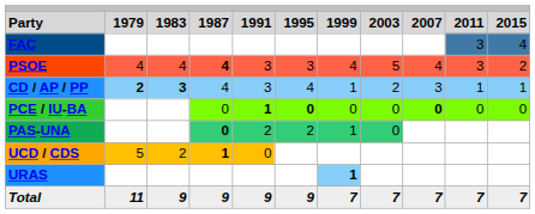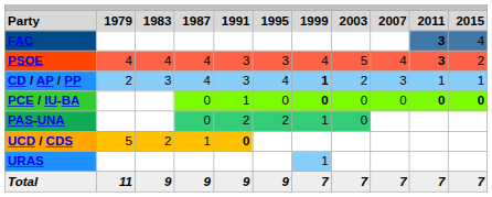 <table class="wikitable" style="margin:0 auto">
 <tr>
 <td colspan="11" width="600px" bgcolor="#C0C0C0"></td>
 </tr>
 <tr bgcolor="#D8D8D8">
 <td><strong>Party</strong></td>
 <td align="right"><strong>1979</strong></td>
 <td align="right"><strong>1983</strong></td>
 <td align="right"><strong>1987</strong></td>
 <td align="right"><strong>1991</strong></td>
 <td align="right"><strong>1995</strong></td>
 <td align="right"><strong>1999</strong></td>
 <td align="right"><strong>2003</strong></td>
 <td align="right"><strong>2007</strong></td>
 <td align="right"><strong>2011</strong></td>
 <td align="right"><strong>2015</strong></td>
 </tr>
 <tr>
 <td bgcolor="#004C89"><strong><a href='#'><span>FAC</span></a></strong></td>
 <td bgcolor="#FFFFFF" align="right"></td>
 <td bgcolor="#FFFFFF" align="right"></td>
 <td bgcolor="#FFFFFF" align="right"></td>
 <td bgcolor="#FFFFFF" align="right"></td>
 <td bgcolor="#FFFFFF" align="right"></td>
 <td bgcolor="#FFFFFF" align="right"></td>
 <td bgcolor="#FFFFFF" align="right"></td>
 <td bgcolor="#FFFFFF" align="right"></td>
-<td bgcolor="#4079A7" align="right">3</td>
+<td bgcolor="#4079A7" align="right"><strong>3</strong></td>
 <td bgcolor="#4079A7" align="right">4</td>
 </tr>
 <tr>
 <td bgcolor="#FF4500"><strong><a href='#'><span>PSOE</span></a></strong></td>
 <td bgcolor="#FF6347" align="right">4</td>
 <td bgcolor="#FF6347" align="right">4</td>
-<td bgcolor="#FF6347" align="right"><strong>4</strong></td>
+<td bgcolor="#FF6347" align="right">4</td>
 <td bgcolor="#FF6347" align="right">3</td>
 <td bgcolor="#FF6347" align="right">3</td>
 <td bgcolor="#FF6347" align="right">4</td>
 <td bgcolor="#FF6347" align="right">5</td>
 <td bgcolor="#FF6347" align="right">4</td>
-<td bgcolor="#FF6347" align="right">3</td>
+<td bgcolor="#FF6347" align="right"><strong>3</strong></td>
 <td bgcolor="#FF6347" align="right">2</td>
 </tr>
 <tr>
 <td bgcolor="#1E90FF"><strong><a href='#'><span>CD</span></a> / <a href='#'><span>AP</span></a> / <a href='#'><span>PP</span></a></strong></td>
-<td bgcolor="#87CEFA" align="right"><strong>2</strong></td>
-<td bgcolor="#87CEFA" align="right"><strong>3</strong></td>
+<td bgcolor="#87CEFA" align="right">2</td>
+<td bgcolor="#87CEFA" align="right">3</td>
 <td bgcolor="#87CEFA" align="right">4</td>
 <td bgcolor="#87CEFA" align="right">3</td>
 <td bgcolor="#87CEFA" align="right">4</td>
-<td bgcolor="#87CEFA" align="right">1</td>
+<td bgcolor="#87CEFA" align="right"><strong>1</strong></td>
 <td bgcolor="#87CEFA" align="right">2</td>
 <td bgcolor="#87CEFA" align="right">3</td>
 <td bgcolor="#87CEFA" align="right">1</td>
 <td bgcolor="#87CEFA" align="right">1</td>
 </tr>
 <tr>
 <td bgcolor="#32CD32"><strong><a href='#'><span>PCE</span></a> / <a href='#'><span>IU</span></a>-<a href='#'><span>BA</span></a></strong></td>
 <td bgcolor="#FFFFFF" align="right"></td>
 <td bgcolor="#FFFFFF" align="right"></td>
 <td bgcolor="#7CFC00" align="right">0</td>
-<td bgcolor="#7CFC00" align="right"><strong>1</strong></td>
+<td bgcolor="#7CFC00" align="right">1</td>
+<td bgcolor="#7CFC00" align="right">0</td>
 <td bgcolor="#7CFC00" align="right"><strong>0</strong></td>
 <td bgcolor="#7CFC00" align="right">0</td>
 <td bgcolor="#7CFC00" align="right">0</td>
 <td bgcolor="#7CFC00" align="right"><strong>0</strong></td>
-<td bgcolor="#7CFC00" align="right">0</td>
-<td bgcolor="#7CFC00" align="right">0</td>
+<td bgcolor="#7CFC00" align="right"><strong>0</strong></td>
 </tr>
 <tr>
 <td bgcolor="#11AA55"><strong><a href='#'><span>PAS</span></a>-<a href='#'><span>UNA</span></a></strong></td>
 <td bgcolor="#FFFFFF" align="right"></td>
 <td bgcolor="#FFFFFF" align="right"></td>
-<td bgcolor="#33CC77" align="right"><strong>0</strong></td>
+<td bgcolor="#33CC77" align="right">0</td>
 <td bgcolor="#33CC77" align="right">2</td>
 <td bgcolor="#33CC77" align="right">2</td>
 <td bgcolor="#33CC77" align="right">1</td>
 <td bgcolor="#33CC77" align="right">0</td>
 <td bgcolor="#FFFFFF" align="right"></td>
 <td bgcolor="#FFFFFF" align="right"></td>
 <td bgcolor="#FFFFFF" align="right"></td>
 </tr>
 <tr>
 <td bgcolor="#FFA500"><strong><a href='#'><span>UCD</span></a> / <a href='#'><span>CDS</span></a></strong></td>
 <td bgcolor="#ffC000" align="right">5</td>
 <td bgcolor="#ffC000" align="right">2</td>
-<td bgcolor="#ffC000" align="right"><strong>1</strong></td>
-<td bgcolor="#ffC000" align="right">0</td>
+<td bgcolor="#ffC000" align="right">1</td>
+<td bgcolor="#ffC000" align="right"><strong>0</strong></td>
 <td bgcolor="#FFFFFF" align="right"></td>
 <td bgcolor="#FFFFFF" align="right"></td>
 <td bgcolor="#FFFFFF" align="right"></td>
 <td bgcolor="#FFFFFF" align="right"></td>
 <td bgcolor="#FFFFFF" align="right"></td>
 <td bgcolor="#FFFFFF" align="right"></td>
 </tr>
 <tr>
 <td bgcolor="#1E90FF"><strong><a href='#'><span>URAS</span></a></strong></td>
 <td bgcolor="#FFFFFF" align="right"></td>
 <td bgcolor="#FFFFFF" align="right"></td>
 <td bgcolor="#FFFFFF" align="right"></td>
 <td bgcolor="#FFFFFF" align="right"></td>
 <td bgcolor="#FFFFFF" align="right"></td>
-<td bgcolor="#87CEFA" align="right"><strong>1</strong></td>
+<td bgcolor="#87CEFA" align="right">1</td>
 <td bgcolor="#FFFFFF" align="right"></td>
 <td bgcolor="#FFFFFF" align="right"></td>
 <td bgcolor="#FFFFFF" align="right"></td>
 <td bgcolor="#FFFFFF" align="right"></td>
 </tr>
 <tr bgcolor="#EEEEEE">
 <td><strong><em>Total</em></strong></td>
 <td align="right"><strong><em>11</em></strong></td>
 <td align="right"><strong><em>9</em></strong></td>
 <td align="right"><strong><em>9</em></strong></td>
 <td align="right"><strong><em>9</em></strong></td>
 <td align="right"><strong><em>9</em></strong></td>
 <td align="right"><strong><em>7</em></strong></td>
 <td align="right"><strong><em>7</em></strong></td>
 <td align="right"><strong><em>7</em></strong></td>
 <td align="right"><strong><em>7</em></strong></td>
 <td align="right"><strong><em>7</em></strong></td>
 </tr>
 </table>
